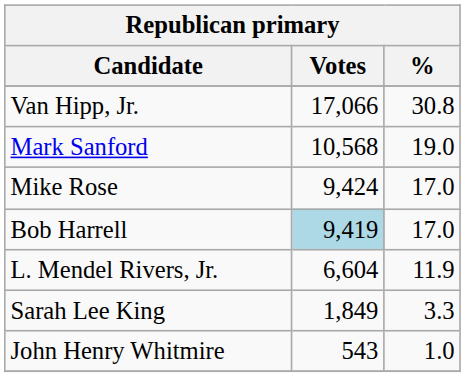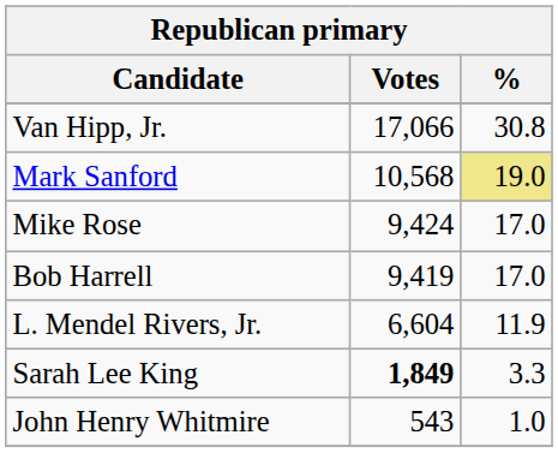 <table class="wikitable" align="left" style="margin: 1em 1em 1em 0; font-size: 95%;">
 <tr>
 <th colspan="3">Republican primary</th>
 </tr>
 <tr>
 <th colspan="1" style="width: 170px">Candidate</th>
 <th style="width: 50px">Votes</th>
 <th style="width: 40px">%</th>
 </tr>
 <tr>
 </tr>
 <tr>
 <td>Van Hipp, Jr.</td>
 <td align="right">17,066</td>
 <td align="right">30.8</td>
 </tr>
 <tr>
 <td><a href='#'>Mark Sanford</a></td>
 <td align="right">10,568</td>
-<td align="right">19.0</td>
+<td align="right" style="background: khaki;">19.0</td>
 </tr>
 <tr>
 <td>Mike Rose</td>
 <td align="right">9,424</td>
 <td align="right">17.0</td>
 </tr>
 <tr>
 <td>Bob Harrell</td>
-<td align="right" style="background: lightblue;">9,419</td>
+<td align="right">9,419</td>
 <td align="right">17.0</td>
 </tr>
 <tr>
 <td>L. Mendel Rivers, Jr.</td>
 <td align="right">6,604</td>
 <td align="right">11.9</td>
 </tr>
 <tr>
 <td>Sarah Lee King</td>
-<td align="right">1,849</td>
+<td align="right"><strong>1,849</strong></td>
 <td align="right">3.3</td>
 </tr>
 <tr>
 <td>John Henry Whitmire</td>
 <td align="right">543</td>
 <td align="right">1.0</td>
 </tr>
 <tr>
 </tr>
 </table>
